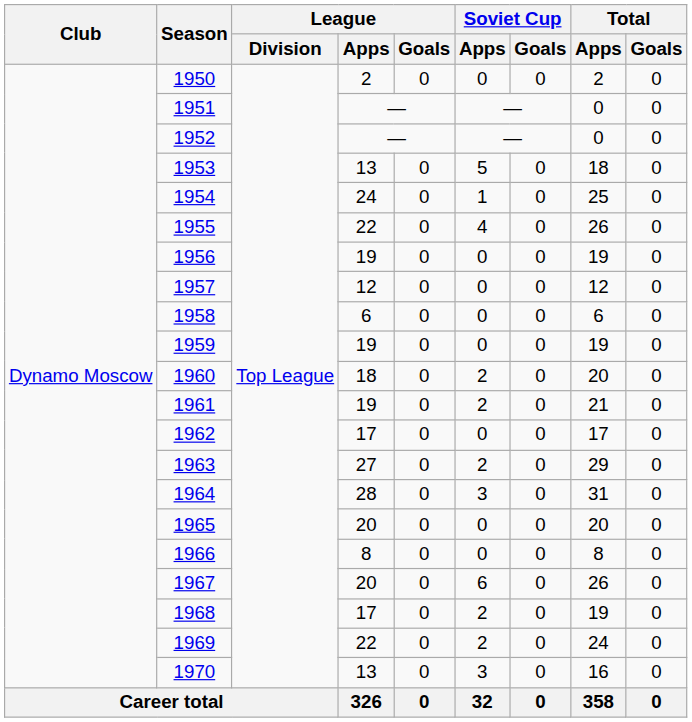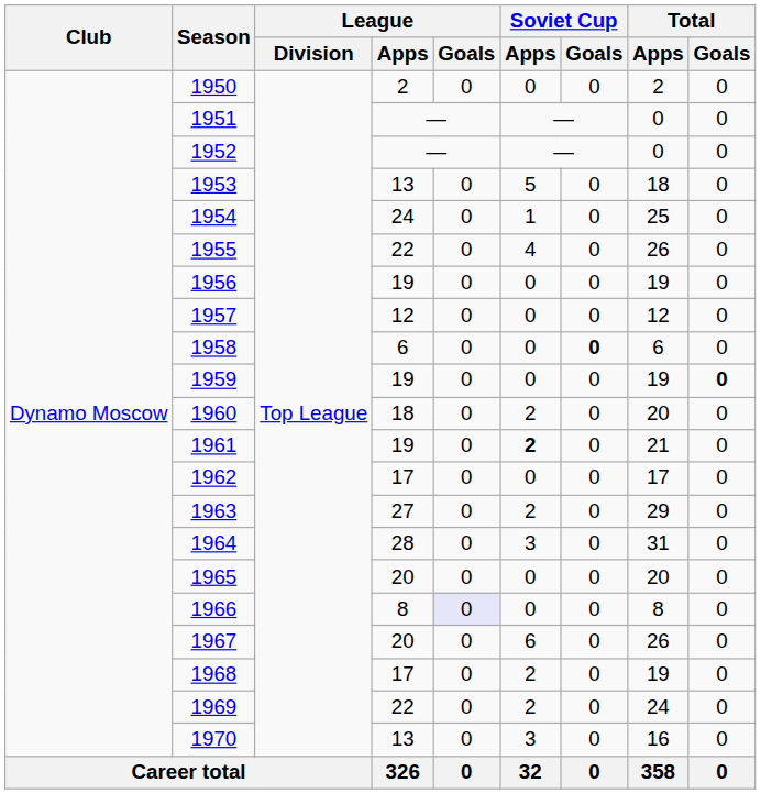 <table class="wikitable" style="text-align:center">
 <tr>
 <th rowspan="2">Club</th>
 <th rowspan="2">Season</th>
 <th colspan="3">League</th>
 <th colspan="2"><a href='#'>Soviet Cup</a></th>
 <th colspan="3">Total</th>
 </tr>
 <tr>
 <th>Division</th>
 <th>Apps</th>
 <th>Goals</th>
 <th>Apps</th>
 <th>Goals</th>
 <th>Apps</th>
 <th>Goals</th>
 </tr>
 <tr>
 <td rowspan="21"><a href='#'>Dynamo Moscow</a></td>
 <td><a href='#'>1950</a></td>
 <td rowspan="21"><a href='#'>Top League</a></td>
 <td>2</td>
 <td>0</td>
 <td>0</td>
 <td>0</td>
 <td>2</td>
 <td>0</td>
 </tr>
 <tr>
 <td><a href='#'>1951</a></td>
 <td colspan="2">—</td>
 <td colspan="2">—</td>
 <td>0</td>
 <td>0</td>
 </tr>
 <tr>
 <td><a href='#'>1952</a></td>
 <td colspan="2">—</td>
 <td colspan="2">—</td>
 <td>0</td>
 <td>0</td>
 </tr>
 <tr>
 <td><a href='#'>1953</a></td>
 <td>13</td>
 <td>0</td>
 <td>5</td>
 <td>0</td>
 <td>18</td>
 <td>0</td>
 </tr>
 <tr>
 <td><a href='#'>1954</a></td>
 <td>24</td>
 <td>0</td>
 <td>1</td>
 <td>0</td>
 <td>25</td>
 <td>0</td>
 </tr>
 <tr>
 <td><a href='#'>1955</a></td>
 <td>22</td>
 <td>0</td>
 <td>4</td>
 <td>0</td>
 <td>26</td>
 <td>0</td>
 </tr>
 <tr>
 <td><a href='#'>1956</a></td>
 <td>19</td>
 <td>0</td>
 <td>0</td>
 <td>0</td>
 <td>19</td>
 <td>0</td>
 </tr>
 <tr>
 <td><a href='#'>1957</a></td>
 <td>12</td>
 <td>0</td>
 <td>0</td>
 <td>0</td>
 <td>12</td>
 <td>0</td>
 </tr>
 <tr>
 <td><a href='#'>1958</a></td>
 <td>6</td>
 <td>0</td>
 <td>0</td>
-<td>0</td>
+<td><strong>0</strong></td>
 <td>6</td>
 <td>0</td>
 </tr>
 <tr>
 <td><a href='#'>1959</a></td>
 <td>19</td>
 <td>0</td>
 <td>0</td>
 <td>0</td>
 <td>19</td>
-<td>0</td>
+<td><strong>0</strong></td>
 </tr>
 <tr>
 <td><a href='#'>1960</a></td>
 <td>18</td>
 <td>0</td>
 <td>2</td>
 <td>0</td>
 <td>20</td>
 <td>0</td>
 </tr>
 <tr>
 <td><a href='#'>1961</a></td>
 <td>19</td>
 <td>0</td>
-<td>2</td>
+<td><strong>2</strong></td>
 <td>0</td>
 <td>21</td>
 <td>0</td>
 </tr>
 <tr>
 <td><a href='#'>1962</a></td>
 <td>17</td>
 <td>0</td>
 <td>0</td>
 <td>0</td>
 <td>17</td>
 <td>0</td>
 </tr>
 <tr>
 <td><a href='#'>1963</a></td>
 <td>27</td>
 <td>0</td>
 <td>2</td>
 <td>0</td>
 <td>29</td>
 <td>0</td>
 </tr>
 <tr>
 <td><a href='#'>1964</a></td>
 <td>28</td>
 <td>0</td>
 <td>3</td>
 <td>0</td>
 <td>31</td>
 <td>0</td>
 </tr>
 <tr>
 <td><a href='#'>1965</a></td>
 <td>20</td>
 <td>0</td>
 <td>0</td>
 <td>0</td>
 <td>20</td>
 <td>0</td>
 </tr>
 <tr>
 <td><a href='#'>1966</a></td>
 <td>8</td>
-<td>0</td>
+<td style="background: lavender;">0</td>
 <td>0</td>
 <td>0</td>
 <td>8</td>
 <td>0</td>
 </tr>
 <tr>
 <td><a href='#'>1967</a></td>
 <td>20</td>
 <td>0</td>
 <td>6</td>
 <td>0</td>
 <td>26</td>
 <td>0</td>
 </tr>
 <tr>
 <td><a href='#'>1968</a></td>
 <td>17</td>
 <td>0</td>
 <td>2</td>
 <td>0</td>
 <td>19</td>
 <td>0</td>
 </tr>
 <tr>
 <td><a href='#'>1969</a></td>
 <td>22</td>
 <td>0</td>
 <td>2</td>
 <td>0</td>
 <td>24</td>
 <td>0</td>
 </tr>
 <tr>
 <td><a href='#'>1970</a></td>
 <td>13</td>
 <td>0</td>
 <td>3</td>
 <td>0</td>
 <td>16</td>
 <td>0</td>
 </tr>
 <tr>
 <th colspan="3">Career total</th>
 <th>326</th>
 <th>0</th>
 <th>32</th>
 <th>0</th>
 <th>358</th>
 <th>0</th>
 </tr>
 </table>
